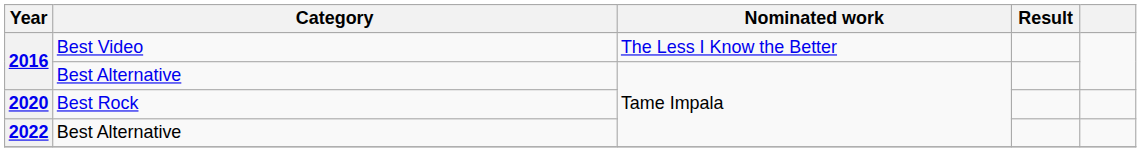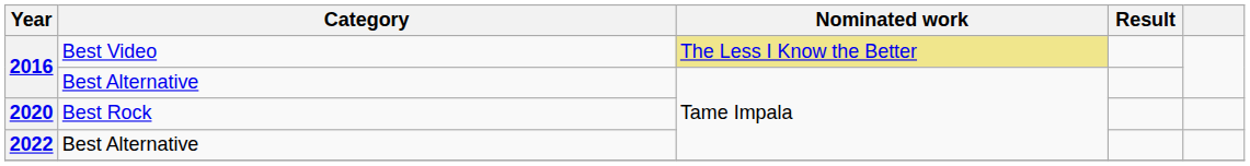 <table class="wikitable plainrowheaders" style="width:80%;">
 <tr>
 <th scope="col" style="width:4%;">Year</th>
 <th scope="col" style="width:50%;">Category</th>
 <th scope="col" style="width:35%;">Nominated work</th>
 <th scope="col" style="width:6%;">Result</th>
 <th scope="col" style="width:6%;"></th>
 </tr>
 <tr>
 <th scope="row" rowspan= "2"><a href='#'>2016</a></th>
 <td><a href='#'>Best Video</a></td>
-<td><a href='#'>The Less I Know the Better</a></td>
+<td style="background: khaki;"><a href='#'>The Less I Know the Better</a></td>
 <td></td>
 <td rowspan="2"></td>
 </tr>
 <tr>
 <td><a href='#'>Best Alternative</a></td>
 <td rowspan="3">Tame Impala</td>
 <td></td>
 </tr>
 <tr>
 <th scope="row"><a href='#'>2020</a></th>
 <td><a href='#'>Best Rock</a></td>
 <td></td>
 <td></td>
 </tr>
 <tr>
 <th scope="row"><a href='#'>2022</a></th>
 <td>Best Alternative</td>
 <td></td>
 <td></td>
 </tr>
 <tr>
 </tr>
 </table>
